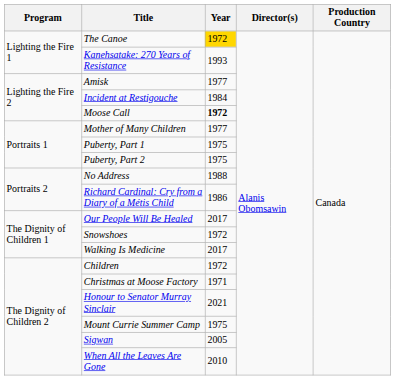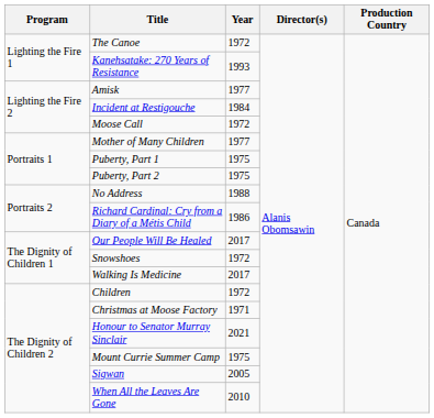 <table class="sortable wikitable" width="100%" cellpadding="5">
 <tr>
 <th scope="col" width="20%">Program</th>
 <th scope="col" width="32%">Title</th>
 <th scope="col" width="8%">Year</th>
 <th scope="col" width="20%">Director(s)</th>
 <th scope="col" width="20%">Production Country</th>
 </tr>
 <tr>
 <td rowspan=2>Lighting the Fire 1</td>
 <td><em>The Canoe</em></td>
-<td style="background: gold;">1972</td>
+<td>1972</td>
 <td rowspan=19><a href='#'>Alanis Obomsawin</a></td>
 <td rowspan=19>Canada</td>
 </tr>
 <tr>
 <td><em><a href='#'>Kanehsatake: 270 Years of Resistance</a></em></td>
 <td>1993</td>
 </tr>
 <tr>
 <td rowspan=3>Lighting the Fire 2</td>
 <td><em>Amisk</em></td>
 <td>1977</td>
 </tr>
 <tr>
 <td><em><a href='#'>Incident at Restigouche</a></em></td>
 <td>1984</td>
 </tr>
 <tr>
 <td><em>Moose Call</em></td>
-<td><strong>1972</strong></td>
+<td>1972</td>
 </tr>
 <tr>
 <td rowspan=3>Portraits 1</td>
 <td><em>Mother of Many Children</em></td>
 <td>1977</td>
 </tr>
 <tr>
 <td><em>Puberty, Part 1</em></td>
 <td>1975</td>
 </tr>
 <tr>
 <td><em>Puberty, Part 2</em></td>
 <td>1975</td>
 </tr>
 <tr>
 <td rowspan=2>Portraits 2</td>
 <td><em>No Address</em></td>
 <td>1988</td>
 </tr>
 <tr>
 <td><em><a href='#'>Richard Cardinal: Cry from a Diary of a Métis Child</a></em></td>
 <td>1986</td>
 </tr>
 <tr>
 <td rowspan=3>The Dignity of Children 1</td>
 <td><em><a href='#'>Our People Will Be Healed</a></em></td>
 <td>2017</td>
 </tr>
 <tr>
 <td><em>Snowshoes</em></td>
 <td>1972</td>
 </tr>
 <tr>
 <td><em>Walking Is Medicine</em></td>
 <td>2017</td>
 </tr>
 <tr>
 <td rowspan=6>The Dignity of Children 2</td>
 <td><em>Children</em></td>
 <td>1972</td>
 </tr>
 <tr>
 <td><em>Christmas at Moose Factory</em></td>
 <td>1971</td>
 </tr>
 <tr>
 <td><em><a href='#'>Honour to Senator Murray Sinclair</a></em></td>
 <td>2021</td>
 </tr>
 <tr>
 <td><em>Mount Currie Summer Camp</em></td>
 <td>1975</td>
 </tr>
 <tr>
 <td><em><a href='#'>Sigwan</a></em></td>
 <td>2005</td>
 </tr>
 <tr>
 <td><em><a href='#'>When All the Leaves Are Gone</a></em></td>
 <td>2010</td>
 </tr>
 </table>
